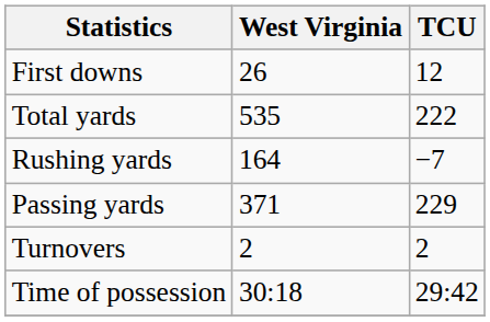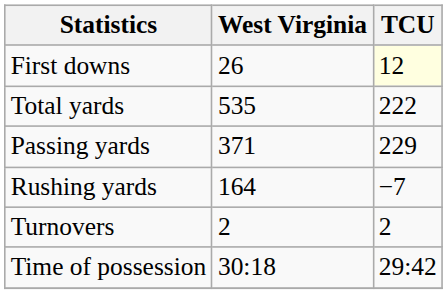 <table class="wikitable" style="float: left;">
 <tr>
 <th>Statistics</th>
 <th>West Virginia</th>
 <th>TCU</th>
 </tr>
 <tr>
 <td>First downs</td>
 <td>26</td>
-<td>12</td>
+<td style="background: lightyellow;">12</td>
 </tr>
 <tr>
 <td>Total yards</td>
 <td>535</td>
 <td>222</td>
 </tr>
 <tr>
+<td>Passing yards</td>
+<td>371</td>
+<td>229</td>
+</tr>
+<tr>
 <td>Rushing yards</td>
 <td>164</td>
 <td>−7</td>
-</tr>
-<tr>
-<td>Passing yards</td>
-<td>371</td>
-<td>229</td>
 </tr>
 <tr>
 <td>Turnovers</td>
 <td>2</td>
 <td>2</td>
 </tr>
 <tr>
 <td>Time of possession</td>
 <td>30:18</td>
 <td>29:42</td>
 </tr>
 <tr>
 </tr>
 </table>
